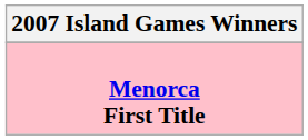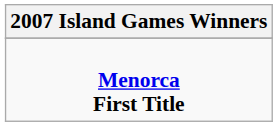 <table class="wikitable" style="text-align: center; margin: 0 auto;">
 <tr>
 <th>2007 Island Games Winners</th>
 </tr>
 <tr>
 </tr>
 <tr>
-<td style="background: pink;"><br><strong><a href='#'>Menorca</a></strong><br><strong>First Title</strong></td>
+<td><br><strong><a href='#'>Menorca</a></strong><br><strong>First Title</strong></td>
 </tr>
 </table>
